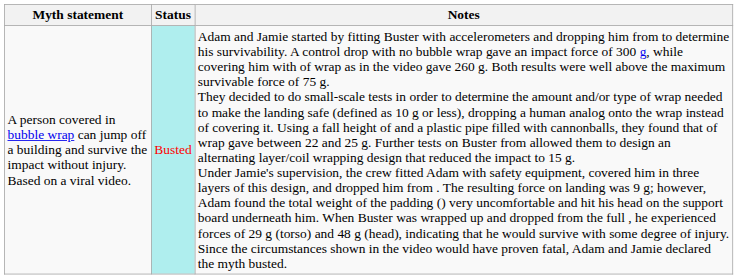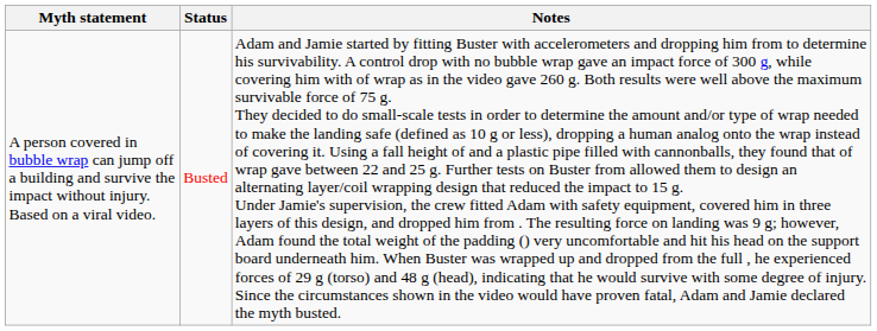 <table class="wikitable plainrowheaders">
 <tr>
 <th>Myth statement</th>
 <th>Status</th>
 <th>Notes</th>
 </tr>
 <tr>
 <td>A person covered in <a href='#'>bubble wrap</a> can jump off a  building and survive the impact without injury. Based on a viral video.</td>
-<td style="background: paleturquoise; color:red">Busted</td>
+<td style="color:red">Busted</td>
 <td>Adam and Jamie started by fitting Buster with accelerometers and dropping him from  to determine his survivability. A control drop with no bubble wrap gave an impact force of 300 <a href='#'>g</a>, while covering him with  of wrap as in the video gave 260 g. Both results were well above the maximum survivable force of 75 g.<br>They decided to do small-scale tests in order to determine the amount and/or type of wrap needed to make the landing safe (defined as 10 g or less), dropping a human analog onto the wrap instead of covering it. Using a fall height of  and a plastic pipe filled with cannonballs, they found that  of wrap gave between 22 and 25 g. Further tests on Buster from  allowed them to design an alternating layer/coil wrapping design that reduced the impact to 15 g.<br>Under Jamie's supervision, the crew fitted Adam with safety equipment, covered him in three layers of this design, and dropped him from . The resulting force on landing was 9 g; however, Adam found the total weight of the padding () very uncomfortable and hit his head on the support board underneath him. When Buster was wrapped up and dropped from the full , he experienced forces of 29 g (torso) and 48 g (head), indicating that he would survive with some degree of injury. Since the circumstances shown in the video would have proven fatal, Adam and Jamie declared the myth busted.</td>
 </tr>
 </table>
